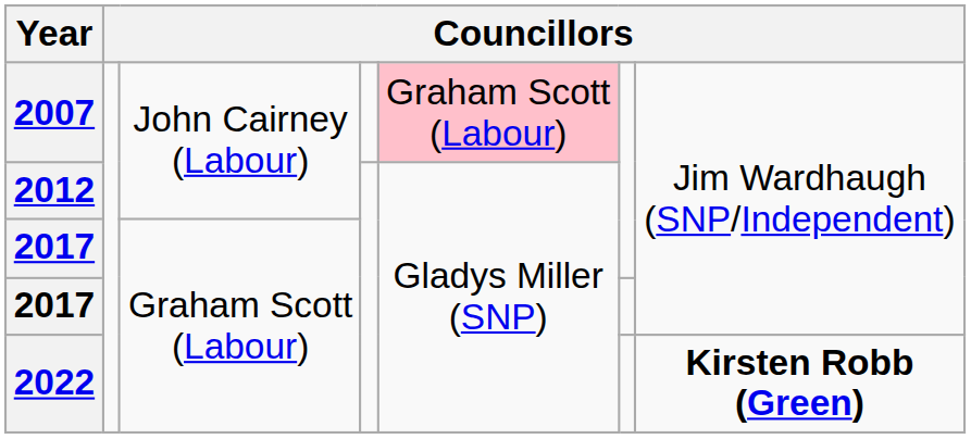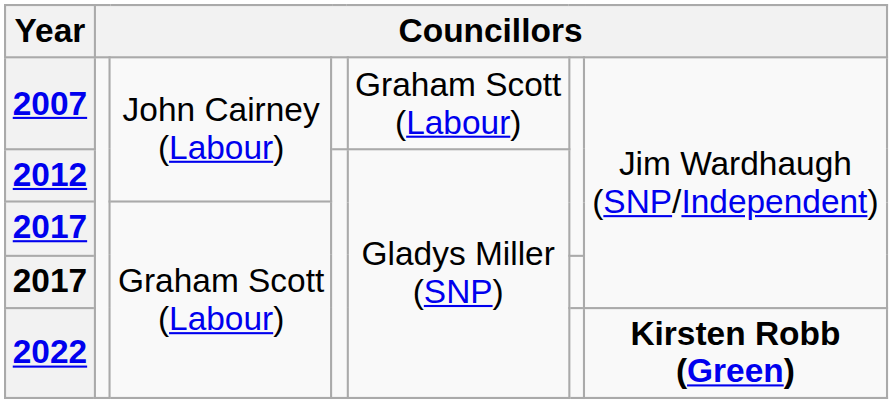 <table class="wikitable" style="text-align:center">
 <tr>
 <th>Year</th>
 <th colspan=8>Councillors</th>
 </tr>
 <tr>
 <th><a href='#'>2007</a></th>
 <td rowspan=5; style="background-color: "></td>
 <td rowspan=2>John Cairney<br>(<a href='#'>Labour</a>)</td>
 <td rowspan=1; style="background-color: "></td>
-<td rowspan=1 style="background: pink;">Graham Scott<br>(<a href='#'>Labour</a>)</td>
+<td rowspan=1>Graham Scott<br>(<a href='#'>Labour</a>)</td>
 <td rowspan=3; style="background-color: "></td>
 <td rowspan=4>Jim Wardhaugh<br>(<a href='#'>SNP</a>/<a href='#'>Independent</a>)</td>
 </tr>
 <tr>
 <th><a href='#'>2012</a></th>
 <td rowspan=4; style="background-color: "></td>
 <td rowspan=4>Gladys Miller<br>(<a href='#'>SNP</a>)</td>
 </tr>
 <tr>
 <th><a href='#'>2017</a></th>
 <td rowspan=3>Graham Scott<br>(<a href='#'>Labour</a>)</td>
 </tr>
 <tr>
 <th>2017</th>
 <td rowspan=1; style="background-color: "></td>
 </tr>
 <tr>
 <th><a href='#'>2022</a></th>
 <td rowspan=1; style="background-color: "></td>
 <td rowspan=1><strong>Kirsten Robb<br>(<a href='#'>Green</a>)</strong></td>
 </tr>
 </table>
